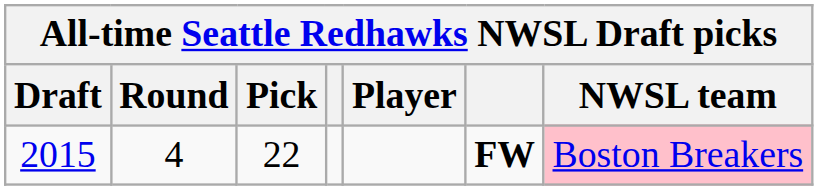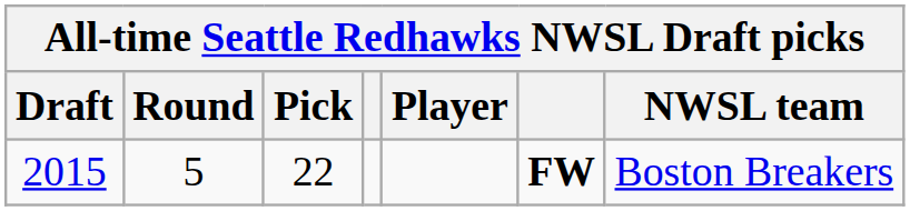 <table class="wikitable sortable" style="text-align: center;">
 <tr>
 <th colspan="7" style="background:#">All-time <a href='#'><span>Seattle Redhawks</span></a> NWSL Draft picks</th>
 </tr>
 <tr>
 <th scope="col">Draft</th>
 <th scope="col">Round</th>
 <th scope="col">Pick</th>
 <th scope="col"></th>
 <th scope="col">Player</th>
 <th scope="col"></th>
 <th scope="col">NWSL team</th>
 </tr>
 <tr>
 <td><a href='#'>2015</a></td>
-<td>4</td>
+<td>5</td>
 <td>22</td>
 <td></td>
 <td></td>
 <td><strong>FW</strong></td>
-<td style="background: pink;"><a href='#'>Boston Breakers</a></td>
+<td><a href='#'>Boston Breakers</a></td>
 </tr>
 </table>
